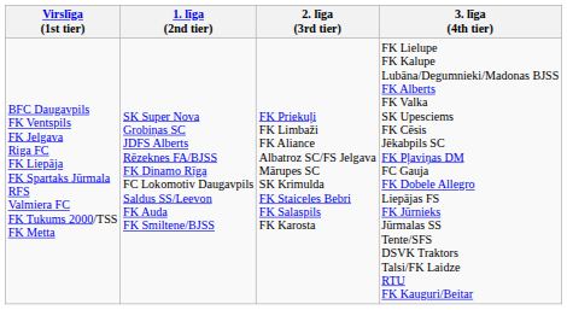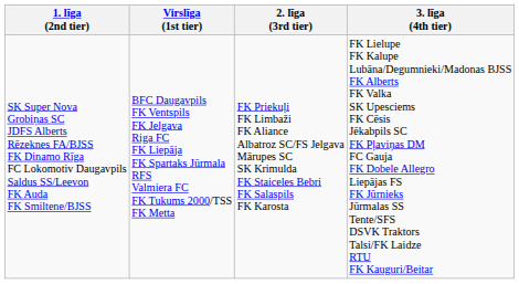 <table class="wikitable">
 <tr>
+<th><a href='#'>1. līga</a><br>(2nd tier)</th>
 <th><a href='#'>Virslīga</a><br>(1st tier)</th>
-<th><a href='#'>1. līga</a><br>(2nd tier)</th>
 <th>2. līga<br>(3rd tier)</th>
 <th>3. līga<br>(4th tier)</th>
 </tr>
 <tr>
+<td><a href='#'>SK Super Nova</a><br><a href='#'>Grobiņas SC</a><br><a href='#'>JDFS Alberts</a><br><a href='#'>Rēzeknes FA/BJSS</a><br><a href='#'>FK Dinamo Rīga</a><br>FC Lokomotiv Daugavpils<br><a href='#'>Saldus SS/Leevon</a><br><a href='#'>FK Auda</a><br><a href='#'>FK Smiltene/BJSS</a></td>
 <td><a href='#'>BFC Daugavpils</a><br><a href='#'>FK Ventspils</a><br><a href='#'>FK Jelgava</a><br><a href='#'>Riga FC</a><br><a href='#'>FK Liepāja</a><br><a href='#'>FK Spartaks Jūrmala</a><br><a href='#'>RFS</a><br><a href='#'>Valmiera FC</a><br><a href='#'>FK Tukums 2000</a>/TSS<br><a href='#'>FK Metta</a></td>
-<td><a href='#'>SK Super Nova</a><br><a href='#'>Grobiņas SC</a><br><a href='#'>JDFS Alberts</a><br><a href='#'>Rēzeknes FA/BJSS</a><br><a href='#'>FK Dinamo Rīga</a><br>FC Lokomotiv Daugavpils<br><a href='#'>Saldus SS/Leevon</a><br><a href='#'>FK Auda</a><br><a href='#'>FK Smiltene/BJSS</a></td>
 <td><a href='#'>FK Priekuļi</a><br>FK Limbaži<br>FK Aliance<br>Albatroz SC/FS Jelgava<br>Mārupes SC<br>SK Krimulda<br><a href='#'>FK Staiceles Bebri</a><br><a href='#'>FK Salaspils</a><br>FK Karosta</td>
 <td>FK Lielupe<br>FK Kalupe<br>Lubāna/Degumnieki/Madonas BJSS<br><a href='#'>FK Alberts</a><br>FK Valka<br>SK Upesciems<br>FK Cēsis<br>Jēkabpils SC<br><a href='#'>FK Pļaviņas DM</a><br>FC Gauja<br><a href='#'>FK Dobele Allegro</a><br>Liepājas FS<br><a href='#'>FK Jūrnieks</a><br>Jūrmalas SS<br>Tente/SFS<br>DSVK Traktors<br>Talsi/FK Laidze<br><a href='#'>RTU</a><br><a href='#'>FK Kauguri/Beitar</a></td>
 </tr>
 </table>
